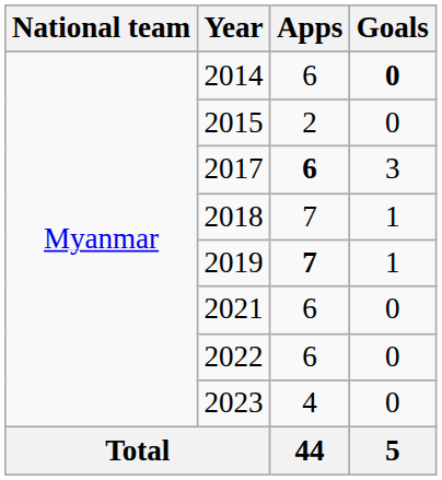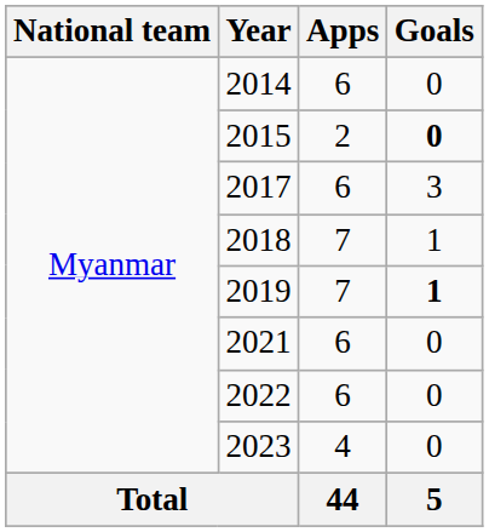 <table class=wikitable style=text-align:center>
 <tr>
 <th>National team</th>
 <th>Year</th>
 <th>Apps</th>
 <th>Goals</th>
 </tr>
 <tr>
 <td rowspan=8><a href='#'>Myanmar</a></td>
 <td>2014</td>
 <td>6</td>
-<td><strong>0</strong></td>
+<td>0</td>
 </tr>
 <tr>
 <td>2015</td>
 <td>2</td>
-<td>0</td>
+<td><strong>0</strong></td>
 </tr>
 <tr>
 <td>2017</td>
-<td><strong>6</strong></td>
+<td>6</td>
 <td>3</td>
 </tr>
 <tr>
 <td>2018</td>
 <td>7</td>
 <td>1</td>
 </tr>
 <tr>
 <td>2019</td>
-<td><strong>7</strong></td>
-<td>1</td>
+<td>7</td>
+<td><strong>1</strong></td>
 </tr>
 <tr>
 <td>2021</td>
 <td>6</td>
 <td>0</td>
 </tr>
 <tr>
 <td>2022</td>
 <td>6</td>
 <td>0</td>
 </tr>
 <tr>
 <td>2023</td>
 <td>4</td>
 <td>0</td>
 </tr>
 <tr>
 <th colspan=2>Total</th>
 <th>44</th>
 <th>5</th>
 </tr>
 </table>
